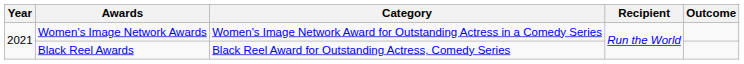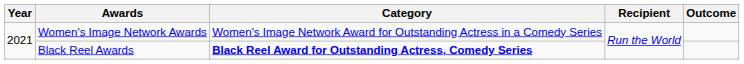 <table class="wikitable sortable">
 <tr>
 <th>Year</th>
 <th>Awards</th>
 <th>Category</th>
 <th>Recipient</th>
 <th>Outcome</th>
 </tr>
 <tr>
 <td rowspan=2>2021</td>
 <td><a href='#'>Women's Image Network Awards</a></td>
 <td><a href='#'>Women's Image Network Award for Outstanding Actress in a Comedy Series</a></td>
 <td rowspan=2><em><a href='#'>Run the World</a></em></td>
 <td></td>
 </tr>
 <tr>
 <td><a href='#'>Black Reel Awards</a></td>
-<td><a href='#'>Black Reel Award for Outstanding Actress, Comedy Series</a></td>
+<td><strong><a href='#'>Black Reel Award for Outstanding Actress, Comedy Series</a></strong></td>
 <td></td>
 </tr>
 </table>
